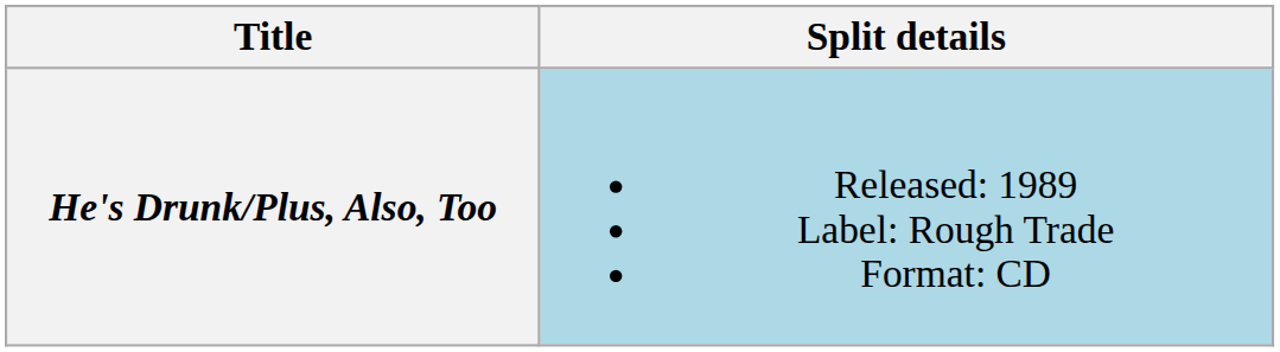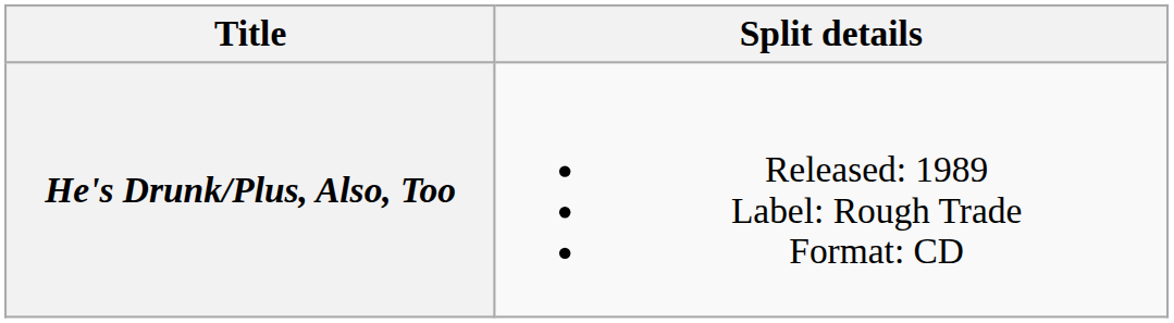 <table class="wikitable plainrowheaders" style="text-align:center;" border="1">
 <tr>
 <th scope="col" style="width:13em;">Title</th>
 <th scope="col" style="width:18em;">Split details</th>
 </tr>
 <tr>
 <th scope="row"><em>He's Drunk/Plus, Also, Too</em></th>
-<td style="background: lightblue;"><br><ul><li>Released: 1989</li><li>Label: Rough Trade</li><li>Format: CD</li></ul></td>
+<td><br><ul><li>Released: 1989</li><li>Label: Rough Trade</li><li>Format: CD</li></ul></td>
 </tr>
 </table>
